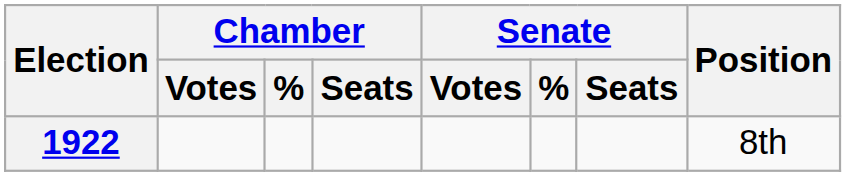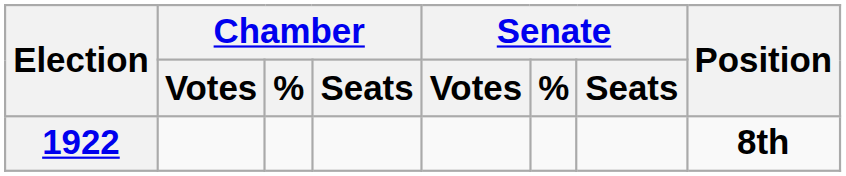 <table class="wikitable" style="text-align: right;">
 <tr>
 <th rowspan="2">Election</th>
 <th colspan="3"><a href='#'>Chamber</a></th>
 <th colspan="3"><a href='#'>Senate</a></th>
 <th rowspan="2">Position</th>
 </tr>
 <tr>
 <th>Votes</th>
 <th>%</th>
 <th>Seats</th>
 <th>Votes</th>
 <th>%</th>
 <th>Seats</th>
 </tr>
 <tr>
 <th><a href='#'>1922</a></th>
 <td></td>
 <td></td>
 <td></td>
 <td></td>
 <td></td>
 <td></td>
-<td style="text-align: center;">8th</td>
+<td style="text-align: center;"><strong>8th</strong></td>
 </tr>
 </table>
